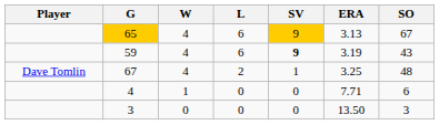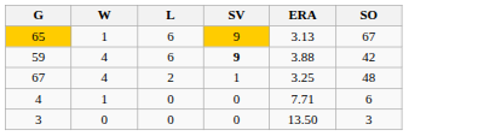 <table class="wikitable sortable">
 <tr>
-<th bgcolor="#DDDDFF" width="16%">Player</th>
 <th bgcolor="#DDDDFF" width="9%">G</th>
 <th bgcolor="#DDDDFF" width="9%">W</th>
 <th bgcolor="#DDDDFF" width="9%">L</th>
 <th bgcolor="#DDDDFF" width="9%">SV</th>
 <th bgcolor="#DDDDFF" width="9%">ERA</th>
 <th bgcolor="#DDDDFF" width="9%">SO</th>
 </tr>
 <tr align="center">
-<td></td>
 <td style="background:#fc0;">65</td>
-<td>4</td>
+<td>1</td>
 <td>6</td>
 <td style="background:#fc0;">9</td>
 <td>3.13</td>
 <td>67</td>
 </tr>
 <tr align="center">
-<td></td>
 <td>59</td>
 <td>4</td>
 <td>6</td>
 <td><strong>9</strong></td>
-<td>3.19</td>
-<td>43</td>
+<td>3.88</td>
+<td>42</td>
 </tr>
 <tr align="center">
-<td><a href='#'>Dave Tomlin</a></td>
 <td>67</td>
 <td>4</td>
 <td>2</td>
 <td>1</td>
 <td>3.25</td>
 <td>48</td>
 </tr>
 <tr align=center>
-<td></td>
 <td>4</td>
 <td>1</td>
 <td>0</td>
 <td>0</td>
 <td>7.71</td>
 <td>6</td>
 </tr>
 <tr align="center">
-<td></td>
 <td>3</td>
 <td>0</td>
 <td>0</td>
 <td>0</td>
 <td>13.50</td>
 <td>3</td>
 </tr>
 </table>
